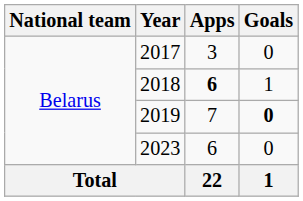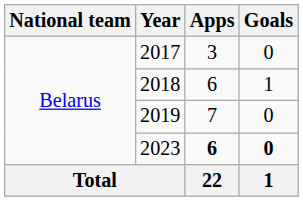 <table class=wikitable style=text-align:center>
 <tr>
 <th>National team</th>
 <th>Year</th>
 <th>Apps</th>
 <th>Goals</th>
 </tr>
 <tr>
 <td rowspan="4"><a href='#'>Belarus</a></td>
 <td>2017</td>
 <td>3</td>
 <td>0</td>
 </tr>
 <tr>
 <td>2018</td>
-<td><strong>6</strong></td>
+<td>6</td>
 <td>1</td>
 </tr>
 <tr>
 <td>2019</td>
 <td>7</td>
-<td><strong>0</strong></td>
+<td>0</td>
 </tr>
 <tr>
 <td>2023</td>
-<td>6</td>
-<td>0</td>
+<td><strong>6</strong></td>
+<td><strong>0</strong></td>
 </tr>
 <tr>
 <th colspan=2>Total</th>
 <th>22</th>
 <th>1</th>
 </tr>
 </table>
